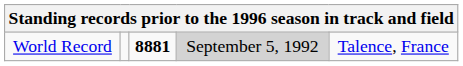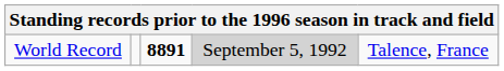 <table class="wikitable" style=" text-align:center;">
 <tr>
 <th colspan="5">Standing records prior to the 1996 season in track and field</th>
 </tr>
 <tr>
 <td><a href='#'>World Record</a></td>
 <td></td>
-<td><strong>8881</strong></td>
+<td><strong>8891</strong></td>
 <td style="background: lightgrey;">September 5, 1992</td>
 <td> <a href='#'>Talence</a>, <a href='#'>France</a></td>
 </tr>
 </table>
